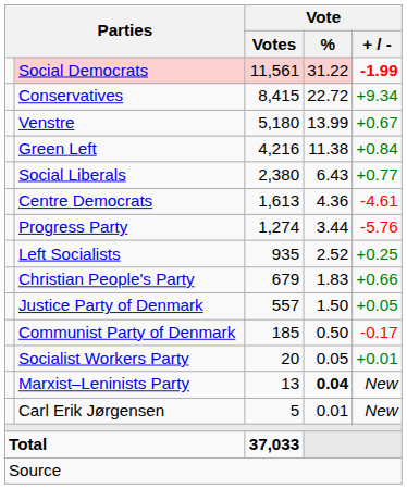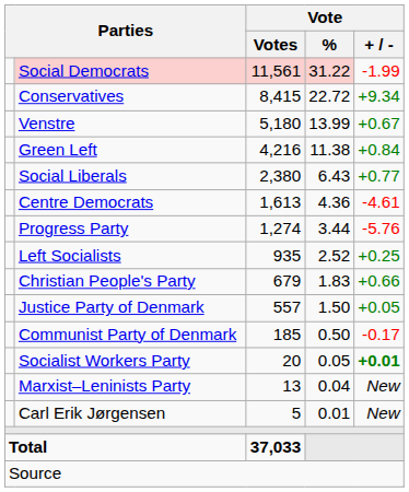 <table class="wikitable" style="text-align:right;">
 <tr>
 <th style="text-align:centre;" rowspan="2" colspan="2" width="225">Parties</th>
 <th colspan="3">Vote</th>
 </tr>
 <tr>
 <th width="15">Votes</th>
 <th width="15">%</th>
 <th width="15">+ / -</th>
 </tr>
 <tr>
 <td width="2" style="color:inherit;background:"></td>
 <td bgcolor=#fbd0ce  align="left"><a href='#'>Social Democrats</a></td>
 <td bgcolor=#fbd0ce>11,561</td>
 <td bgcolor=#fbd0ce>31.22</td>
-<td style=color:red;><strong>-1.99</strong></td>
+<td style=color:red;>-1.99</td>
 </tr>
 <tr>
 <td width="2" style="color:inherit;background:"></td>
 <td align="left"><a href='#'>Conservatives</a></td>
 <td>8,415</td>
 <td>22.72</td>
 <td style=color:green;>+9.34</td>
 </tr>
 <tr>
 <td width="2" style="color:inherit;background:"></td>
 <td align="left"><a href='#'>Venstre</a></td>
 <td>5,180</td>
 <td>13.99</td>
 <td style=color:green;>+0.67</td>
 </tr>
 <tr>
 <td width="2" style="color:inherit;background:"></td>
 <td align="left"><a href='#'>Green Left</a></td>
 <td>4,216</td>
 <td>11.38</td>
 <td style=color:green;>+0.84</td>
 </tr>
 <tr>
 <td width="2" style="color:inherit;background:"></td>
 <td align="left"><a href='#'>Social Liberals</a></td>
 <td>2,380</td>
 <td>6.43</td>
 <td style=color:green;>+0.77</td>
 </tr>
 <tr>
 <td width="2" style="color:inherit;background:"></td>
 <td align="left"><a href='#'>Centre Democrats</a></td>
 <td>1,613</td>
 <td>4.36</td>
 <td style=color:red;>-4.61</td>
 </tr>
 <tr>
 <td width="2" style="color:inherit;background:"></td>
 <td align="left"><a href='#'>Progress Party</a></td>
 <td>1,274</td>
 <td>3.44</td>
 <td style=color:red;>-5.76</td>
 </tr>
 <tr>
 <td width="2" style="color:inherit;background:"></td>
 <td align="left"><a href='#'>Left Socialists</a></td>
 <td>935</td>
 <td>2.52</td>
 <td style=color:green;>+0.25</td>
 </tr>
 <tr>
 <td width="2" style="color:inherit;background:"></td>
 <td align="left"><a href='#'>Christian People's Party</a></td>
 <td>679</td>
 <td>1.83</td>
 <td style=color:green;>+0.66</td>
 </tr>
 <tr>
 <td width="2" style="color:inherit;background:"></td>
 <td align="left"><a href='#'>Justice Party of Denmark</a></td>
 <td>557</td>
 <td>1.50</td>
 <td style=color:green;>+0.05</td>
 </tr>
 <tr>
 <td width="2" style="color:inherit;background:"></td>
 <td align="left"><a href='#'>Communist Party of Denmark</a></td>
 <td>185</td>
 <td>0.50</td>
 <td style=color:red;>-0.17</td>
 </tr>
 <tr>
 <td width="2" style="color:inherit;background:"></td>
 <td align="left"><a href='#'>Socialist Workers Party</a></td>
 <td>20</td>
 <td>0.05</td>
-<td style=color:green;>+0.01</td>
+<td style=color:green;><strong>+0.01</strong></td>
 </tr>
 <tr>
 <td width="2" style="color:inherit;background:"></td>
 <td align="left"><a href='#'>Marxist–Leninists Party</a></td>
 <td>13</td>
-<td><strong>0.04</strong></td>
+<td>0.04</td>
 <td><em>New</em></td>
 </tr>
 <tr>
 <td width="2" style="color:inherit;background:"></td>
 <td align="left">Carl Erik Jørgensen</td>
 <td>5</td>
 <td>0.01</td>
 <td><em>New</em></td>
 </tr>
 <tr>
 <td colspan="7" bgcolor="#E9E9E9"></td>
 </tr>
 <tr>
 <td align="left" colspan="2"><strong>Total</strong></td>
 <td><strong>37,033</strong></td>
 <td bgcolor="#E9E9E9" colspan="2"></td>
 </tr>
 <tr>
 <td align="left" colspan="6">Source</td>
 </tr>
 </table>
